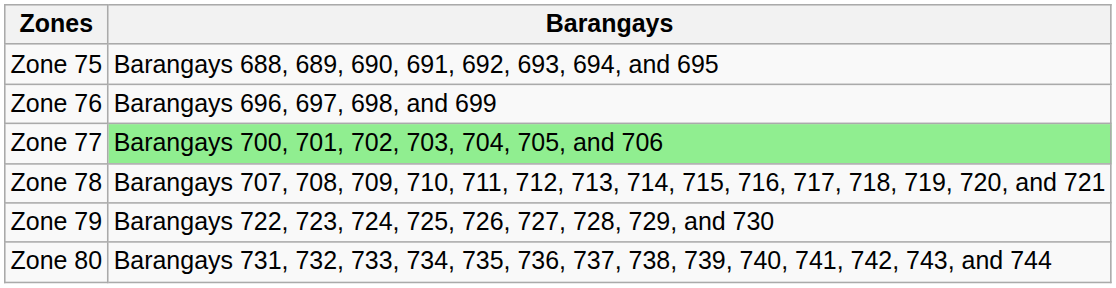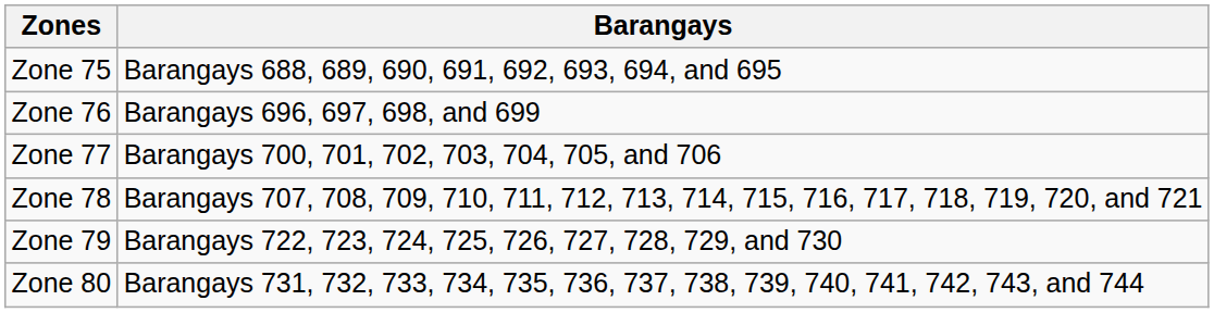 <table class="wikitable">
 <tr>
 <th>Zones</th>
 <th>Barangays</th>
 </tr>
 <tr>
 <td>Zone 75</td>
 <td>Barangays 688, 689, 690, 691, 692, 693, 694, and 695</td>
 </tr>
 <tr>
 <td>Zone 76</td>
 <td>Barangays 696, 697, 698, and 699</td>
 </tr>
 <tr>
 <td>Zone 77</td>
-<td style="background: lightgreen;">Barangays 700, 701, 702, 703, 704, 705, and 706</td>
+<td>Barangays 700, 701, 702, 703, 704, 705, and 706</td>
 </tr>
 <tr>
 <td>Zone 78</td>
 <td>Barangays 707, 708, 709, 710, 711, 712, 713, 714, 715, 716, 717, 718, 719, 720, and 721</td>
 </tr>
 <tr>
 <td>Zone 79</td>
 <td>Barangays 722, 723, 724, 725, 726, 727, 728, 729, and 730</td>
 </tr>
 <tr>
 <td>Zone 80</td>
 <td>Barangays 731, 732, 733, 734, 735, 736, 737, 738, 739, 740, 741, 742, 743, and 744</td>
 </tr>
 </table>
